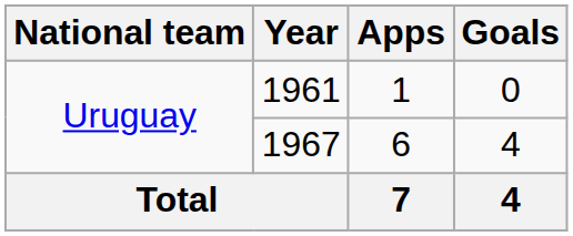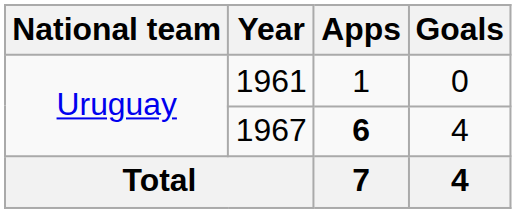 <table class="wikitable" style="text-align:center">
 <tr>
 <th>National team</th>
 <th>Year</th>
 <th>Apps</th>
 <th>Goals</th>
 </tr>
 <tr>
 <td rowspan="2"><a href='#'>Uruguay</a></td>
 <td>1961</td>
 <td>1</td>
 <td>0</td>
 </tr>
 <tr>
 <td>1967</td>
-<td>6</td>
+<td><strong>6</strong></td>
 <td>4</td>
 </tr>
 <tr>
 <th colspan="2">Total</th>
 <th>7</th>
 <th>4</th>
 </tr>
 </table>
